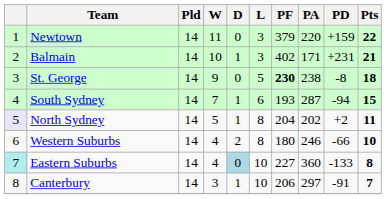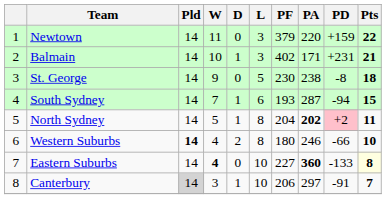 <table class="wikitable" style="text-align:center;">
 <tr>
 <th width=20 abbr="Position"></th>
 <th width=175>Team</th>
 <th width=20 abbr="Played">Pld</th>
 <th width=20 abbr="Won">W</th>
 <th width=20 abbr="Drawn">D</th>
 <th width=20 abbr="Lost">L</th>
 <th width=20 abbr="Points for">PF</th>
 <th width=20 abbr="Points against">PA</th>
 <th width=20 abbr="Points difference">PD</th>
 <th width=20 abbr="Points">Pts</th>
 </tr>
 <tr style="background: #ccffcc;">
 <td>1</td>
 <td style="text-align:left;"> <a href='#'>Newtown</a></td>
 <td>14</td>
 <td>11</td>
 <td>0</td>
 <td>3</td>
 <td>379</td>
 <td>220</td>
 <td>+159</td>
 <td><strong>22</strong></td>
 </tr>
 <tr style="background: #ccffcc;">
 <td>2</td>
 <td style="text-align:left;"> <a href='#'>Balmain</a></td>
 <td>14</td>
 <td>10</td>
 <td>1</td>
 <td>3</td>
 <td>402</td>
 <td>171</td>
 <td>+231</td>
 <td><strong>21</strong></td>
 </tr>
 <tr style="background: #ccffcc;">
 <td>3</td>
 <td style="text-align:left;"> <a href='#'>St. George</a></td>
 <td>14</td>
 <td>9</td>
 <td>0</td>
 <td>5</td>
-<td><strong>230</strong></td>
+<td>230</td>
 <td>238</td>
 <td>-8</td>
 <td><strong>18</strong></td>
 </tr>
 <tr style="background: #ccffcc;">
 <td>4</td>
 <td style="text-align:left;"> <a href='#'>South Sydney</a></td>
 <td>14</td>
 <td>7</td>
 <td>1</td>
 <td>6</td>
 <td>193</td>
 <td>287</td>
 <td>-94</td>
 <td><strong>15</strong></td>
 </tr>
 <tr>
-<td style="background: lavender;">5</td>
+<td>5</td>
 <td style="text-align:left;"> <a href='#'>North Sydney</a></td>
 <td>14</td>
 <td>5</td>
 <td>1</td>
 <td>8</td>
 <td>204</td>
-<td>202</td>
-<td>+2</td>
+<td><strong>202</strong></td>
+<td style="background: pink;">+2</td>
 <td><strong>11</strong></td>
 </tr>
 <tr>
 <td>6</td>
 <td style="text-align:left;"> <a href='#'>Western Suburbs</a></td>
-<td>14</td>
+<td><strong>14</strong></td>
 <td>4</td>
 <td>2</td>
 <td>8</td>
 <td>180</td>
 <td>246</td>
 <td>-66</td>
 <td><strong>10</strong></td>
 </tr>
 <tr>
-<td style="background: paleturquoise;">7</td>
+<td>7</td>
 <td style="text-align:left;"> <a href='#'>Eastern Suburbs</a></td>
 <td>14</td>
-<td>4</td>
-<td style="background: lightblue;">0</td>
+<td><strong>4</strong></td>
+<td>0</td>
 <td>10</td>
 <td>227</td>
-<td>360</td>
+<td><strong>360</strong></td>
 <td>-133</td>
-<td><strong>8</strong></td>
+<td style="background: lightyellow;"><strong>8</strong></td>
 </tr>
 <tr>
 <td>8</td>
 <td style="text-align:left;"> <a href='#'>Canterbury</a></td>
-<td>14</td>
+<td style="background: lightgrey;">14</td>
 <td>3</td>
 <td>1</td>
 <td>10</td>
 <td>206</td>
 <td>297</td>
 <td>-91</td>
 <td><strong>7</strong></td>
 </tr>
 <tr>
 </tr>
 </table>
